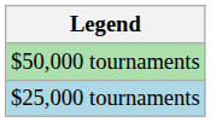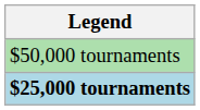 <table class="wikitable" style="font-size:90%">
 <tr>
 <th>Legend</th>
 </tr>
 <tr bgcolor="#ADDFAD">
 <td>$50,000 tournaments</td>
 </tr>
 <tr bgcolor="lightblue">
-<td>$25,000 tournaments</td>
+<td><strong>$25,000 tournaments</strong></td>
 </tr>
 </table>
